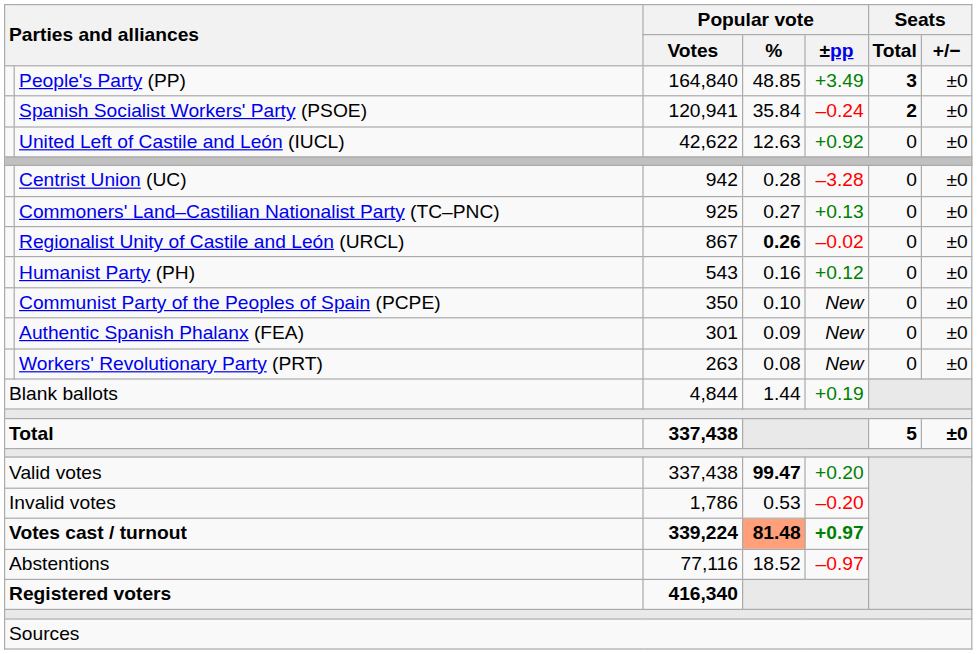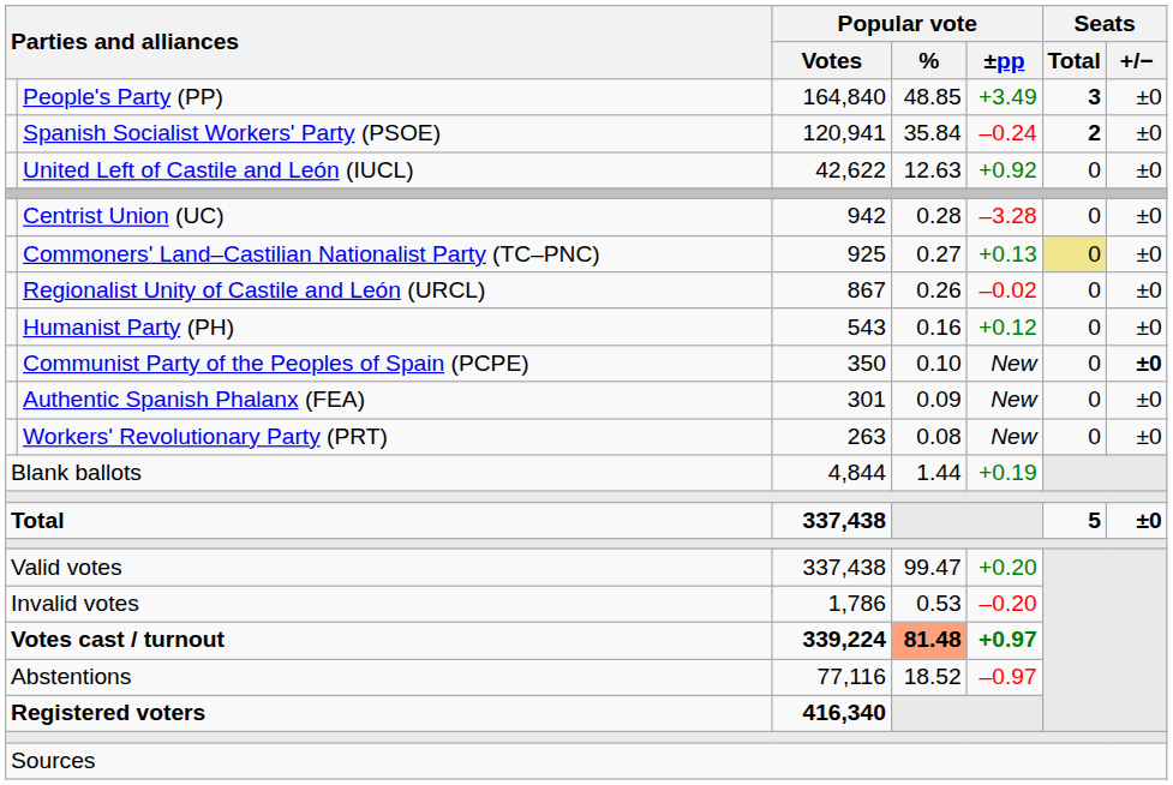 <table class="wikitable" style="text-align:right;">
 <tr>
 <th style="text-align:left;" rowspan="2" colspan="2" width="525">Parties and alliances</th>
 <th colspan="3">Popular vote</th>
 <th colspan="2">Seats</th>
 </tr>
 <tr>
 <th width="75">Votes</th>
 <th width="45">%</th>
 <th width="45">±<a href='#'>pp</a></th>
 <th width="35">Total</th>
 <th width="35">+/−</th>
 </tr>
 <tr>
 <td width="1" style="color:inherit;background:"></td>
 <td align="left"><a href='#'>People's Party</a> (PP)</td>
 <td>164,840</td>
 <td>48.85</td>
 <td style="color:green;">+3.49</td>
 <td><strong>3</strong></td>
 <td>±0</td>
 </tr>
 <tr>
 <td style="color:inherit;background:"></td>
 <td align="left"><a href='#'>Spanish Socialist Workers' Party</a> (PSOE)</td>
 <td>120,941</td>
 <td>35.84</td>
 <td style="color:red;">–0.24</td>
 <td><strong>2</strong></td>
 <td>±0</td>
 </tr>
 <tr>
 <td style="color:inherit;background:"></td>
 <td align="left"><a href='#'>United Left of Castile and León</a> (IUCL)</td>
 <td>42,622</td>
 <td>12.63</td>
 <td style="color:green;">+0.92</td>
 <td>0</td>
 <td>±0</td>
 </tr>
 <tr>
 <td colspan="7" bgcolor="#C0C0C0"></td>
 </tr>
 <tr>
 <td style="color:inherit;background:"></td>
 <td align="left"><a href='#'>Centrist Union</a> (UC)</td>
 <td>942</td>
 <td>0.28</td>
 <td style="color:red;">–3.28</td>
 <td>0</td>
 <td>±0</td>
 </tr>
 <tr>
 <td style="color:inherit;background:"></td>
 <td align="left"><a href='#'>Commoners' Land–Castilian Nationalist Party</a> (TC–PNC)</td>
 <td>925</td>
 <td>0.27</td>
 <td style="color:green;">+0.13</td>
-<td>0</td>
+<td style="background: khaki;">0</td>
 <td>±0</td>
 </tr>
 <tr>
 <td style="color:inherit;background:"></td>
 <td align="left"><a href='#'>Regionalist Unity of Castile and León</a> (URCL)</td>
 <td>867</td>
-<td><strong>0.26</strong></td>
+<td>0.26</td>
 <td style="color:red;">–0.02</td>
 <td>0</td>
 <td>±0</td>
 </tr>
 <tr>
 <td style="color:inherit;background:"></td>
 <td align="left"><a href='#'>Humanist Party</a> (PH)</td>
 <td>543</td>
 <td>0.16</td>
 <td style="color:green;">+0.12</td>
 <td>0</td>
 <td>±0</td>
 </tr>
 <tr>
 <td style="color:inherit;background:"></td>
 <td align="left"><a href='#'>Communist Party of the Peoples of Spain</a> (PCPE)</td>
 <td>350</td>
 <td>0.10</td>
 <td><em>New</em></td>
 <td>0</td>
-<td>±0</td>
+<td><strong>±0</strong></td>
 </tr>
 <tr>
 <td style="color:inherit;background:"></td>
 <td align="left"><a href='#'>Authentic Spanish Phalanx</a> (FEA)</td>
 <td>301</td>
 <td>0.09</td>
 <td><em>New</em></td>
 <td>0</td>
 <td>±0</td>
 </tr>
 <tr>
 <td style="color:inherit;background:"></td>
 <td align="left"><a href='#'>Workers' Revolutionary Party</a> (PRT)</td>
 <td>263</td>
 <td>0.08</td>
 <td><em>New</em></td>
 <td>0</td>
 <td>±0</td>
 </tr>
 <tr>
 <td align="left" colspan="2">Blank ballots</td>
 <td>4,844</td>
 <td>1.44</td>
 <td style="color:green;">+0.19</td>
 <td bgcolor="#E9E9E9" colspan="2"></td>
 </tr>
 <tr>
 <td colspan="7" bgcolor="#E9E9E9"></td>
 </tr>
 <tr style="font-weight:bold;">
 <td align="left" colspan="2">Total</td>
 <td>337,438</td>
 <td bgcolor="#E9E9E9" colspan="2"></td>
 <td>5</td>
 <td>±0</td>
 </tr>
 <tr>
 <td colspan="7" bgcolor="#E9E9E9"></td>
 </tr>
 <tr>
 <td align="left" colspan="2">Valid votes</td>
 <td>337,438</td>
-<td><strong>99.47</strong></td>
+<td>99.47</td>
 <td style="color:green;">+0.20</td>
 <td bgcolor="#E9E9E9" colspan="2" rowspan="5"></td>
 </tr>
 <tr>
 <td align="left" colspan="2">Invalid votes</td>
 <td>1,786</td>
 <td>0.53</td>
 <td style="color:red;">–0.20</td>
 </tr>
 <tr style="font-weight:bold;">
 <td align="left" colspan="2">Votes cast / turnout</td>
 <td>339,224</td>
 <td style="background: lightsalmon;">81.48</td>
 <td style="color:green;">+0.97</td>
 </tr>
 <tr>
 <td align="left" colspan="2">Abstentions</td>
 <td>77,116</td>
 <td>18.52</td>
 <td style="color:red;">–0.97</td>
 </tr>
 <tr style="font-weight:bold;">
 <td align="left" colspan="2">Registered voters</td>
 <td>416,340</td>
 <td bgcolor="#E9E9E9" colspan="2"></td>
 </tr>
 <tr>
 <td colspan="7" bgcolor="#E9E9E9"></td>
 </tr>
 <tr>
 <td align="left" colspan="7">Sources</td>
 </tr>
 </table>
